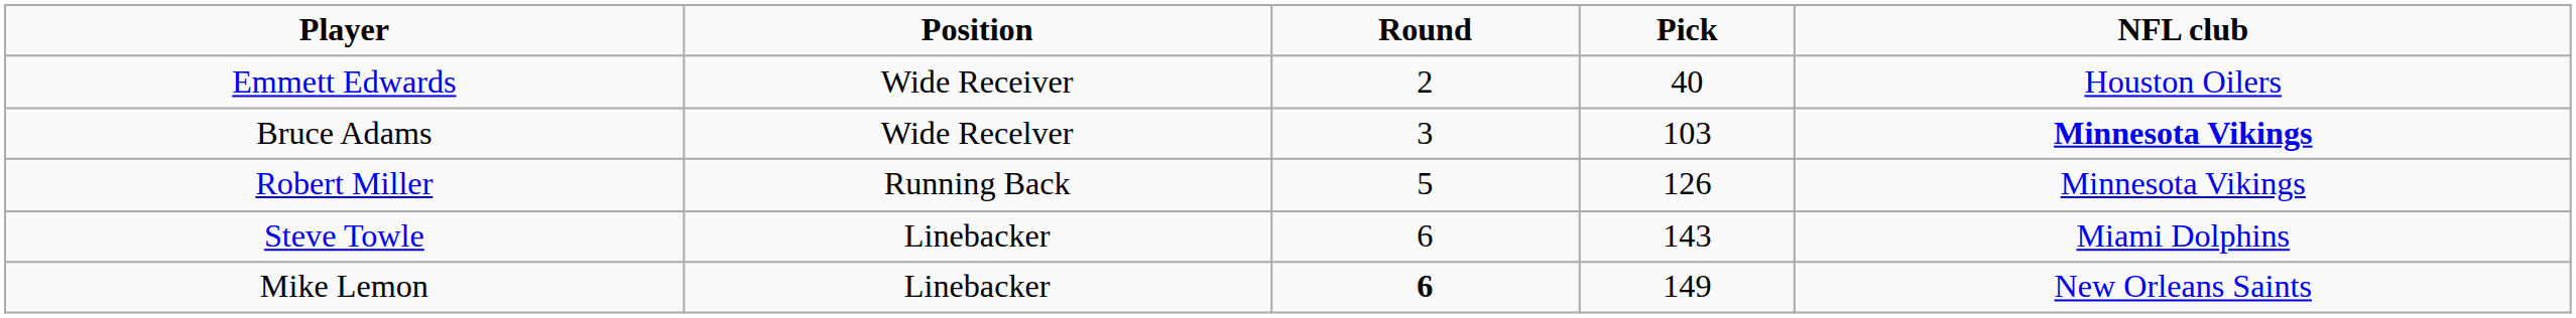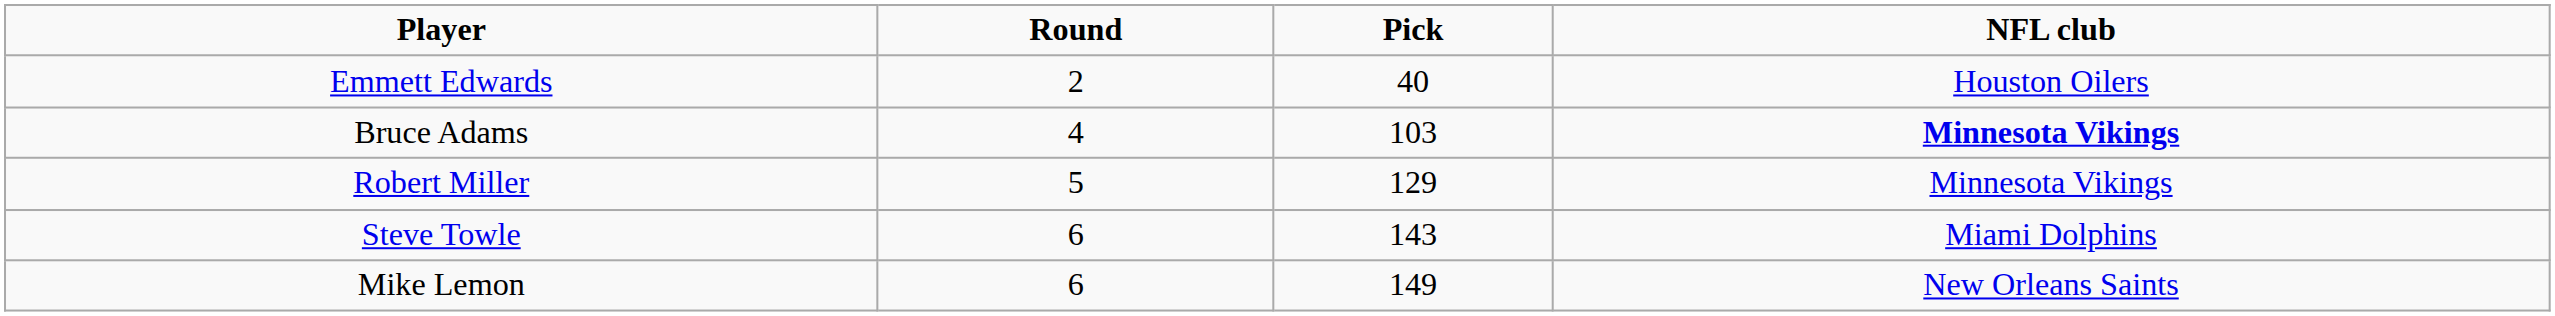 <table class="wikitable" width="80%">
 <tr align="center">
 <td><strong>Player</strong></td>
-<td><strong>Position</strong></td>
 <td><strong>Round</strong></td>
 <td><strong>Pick</strong></td>
 <td><strong>NFL club</strong></td>
 </tr>
 <tr align="center" bgcolor="">
 <td><a href='#'>Emmett Edwards</a></td>
-<td>Wide Receiver</td>
 <td>2</td>
 <td>40</td>
 <td><a href='#'>Houston Oilers</a></td>
 </tr>
 <tr align="center" bgcolor="">
 <td>Bruce Adams</td>
-<td>Wide Recelver</td>
-<td>3</td>
+<td>4</td>
 <td>103</td>
 <td><strong><a href='#'>Minnesota Vikings</a></strong></td>
 </tr>
 <tr align="center" bgcolor="">
 <td><a href='#'>Robert Miller</a></td>
-<td>Running Back</td>
 <td>5</td>
-<td>126</td>
+<td>129</td>
 <td><a href='#'>Minnesota Vikings</a></td>
 </tr>
 <tr align="center" bgcolor="">
 <td><a href='#'>Steve Towle</a></td>
-<td>Linebacker</td>
 <td>6</td>
 <td>143</td>
 <td><a href='#'>Miami Dolphins</a></td>
 </tr>
 <tr align="center" bgcolor="">
 <td>Mike Lemon</td>
-<td>Linebacker</td>
-<td><strong>6</strong></td>
+<td>6</td>
 <td>149</td>
 <td><a href='#'>New Orleans Saints</a></td>
 </tr>
 </table>
